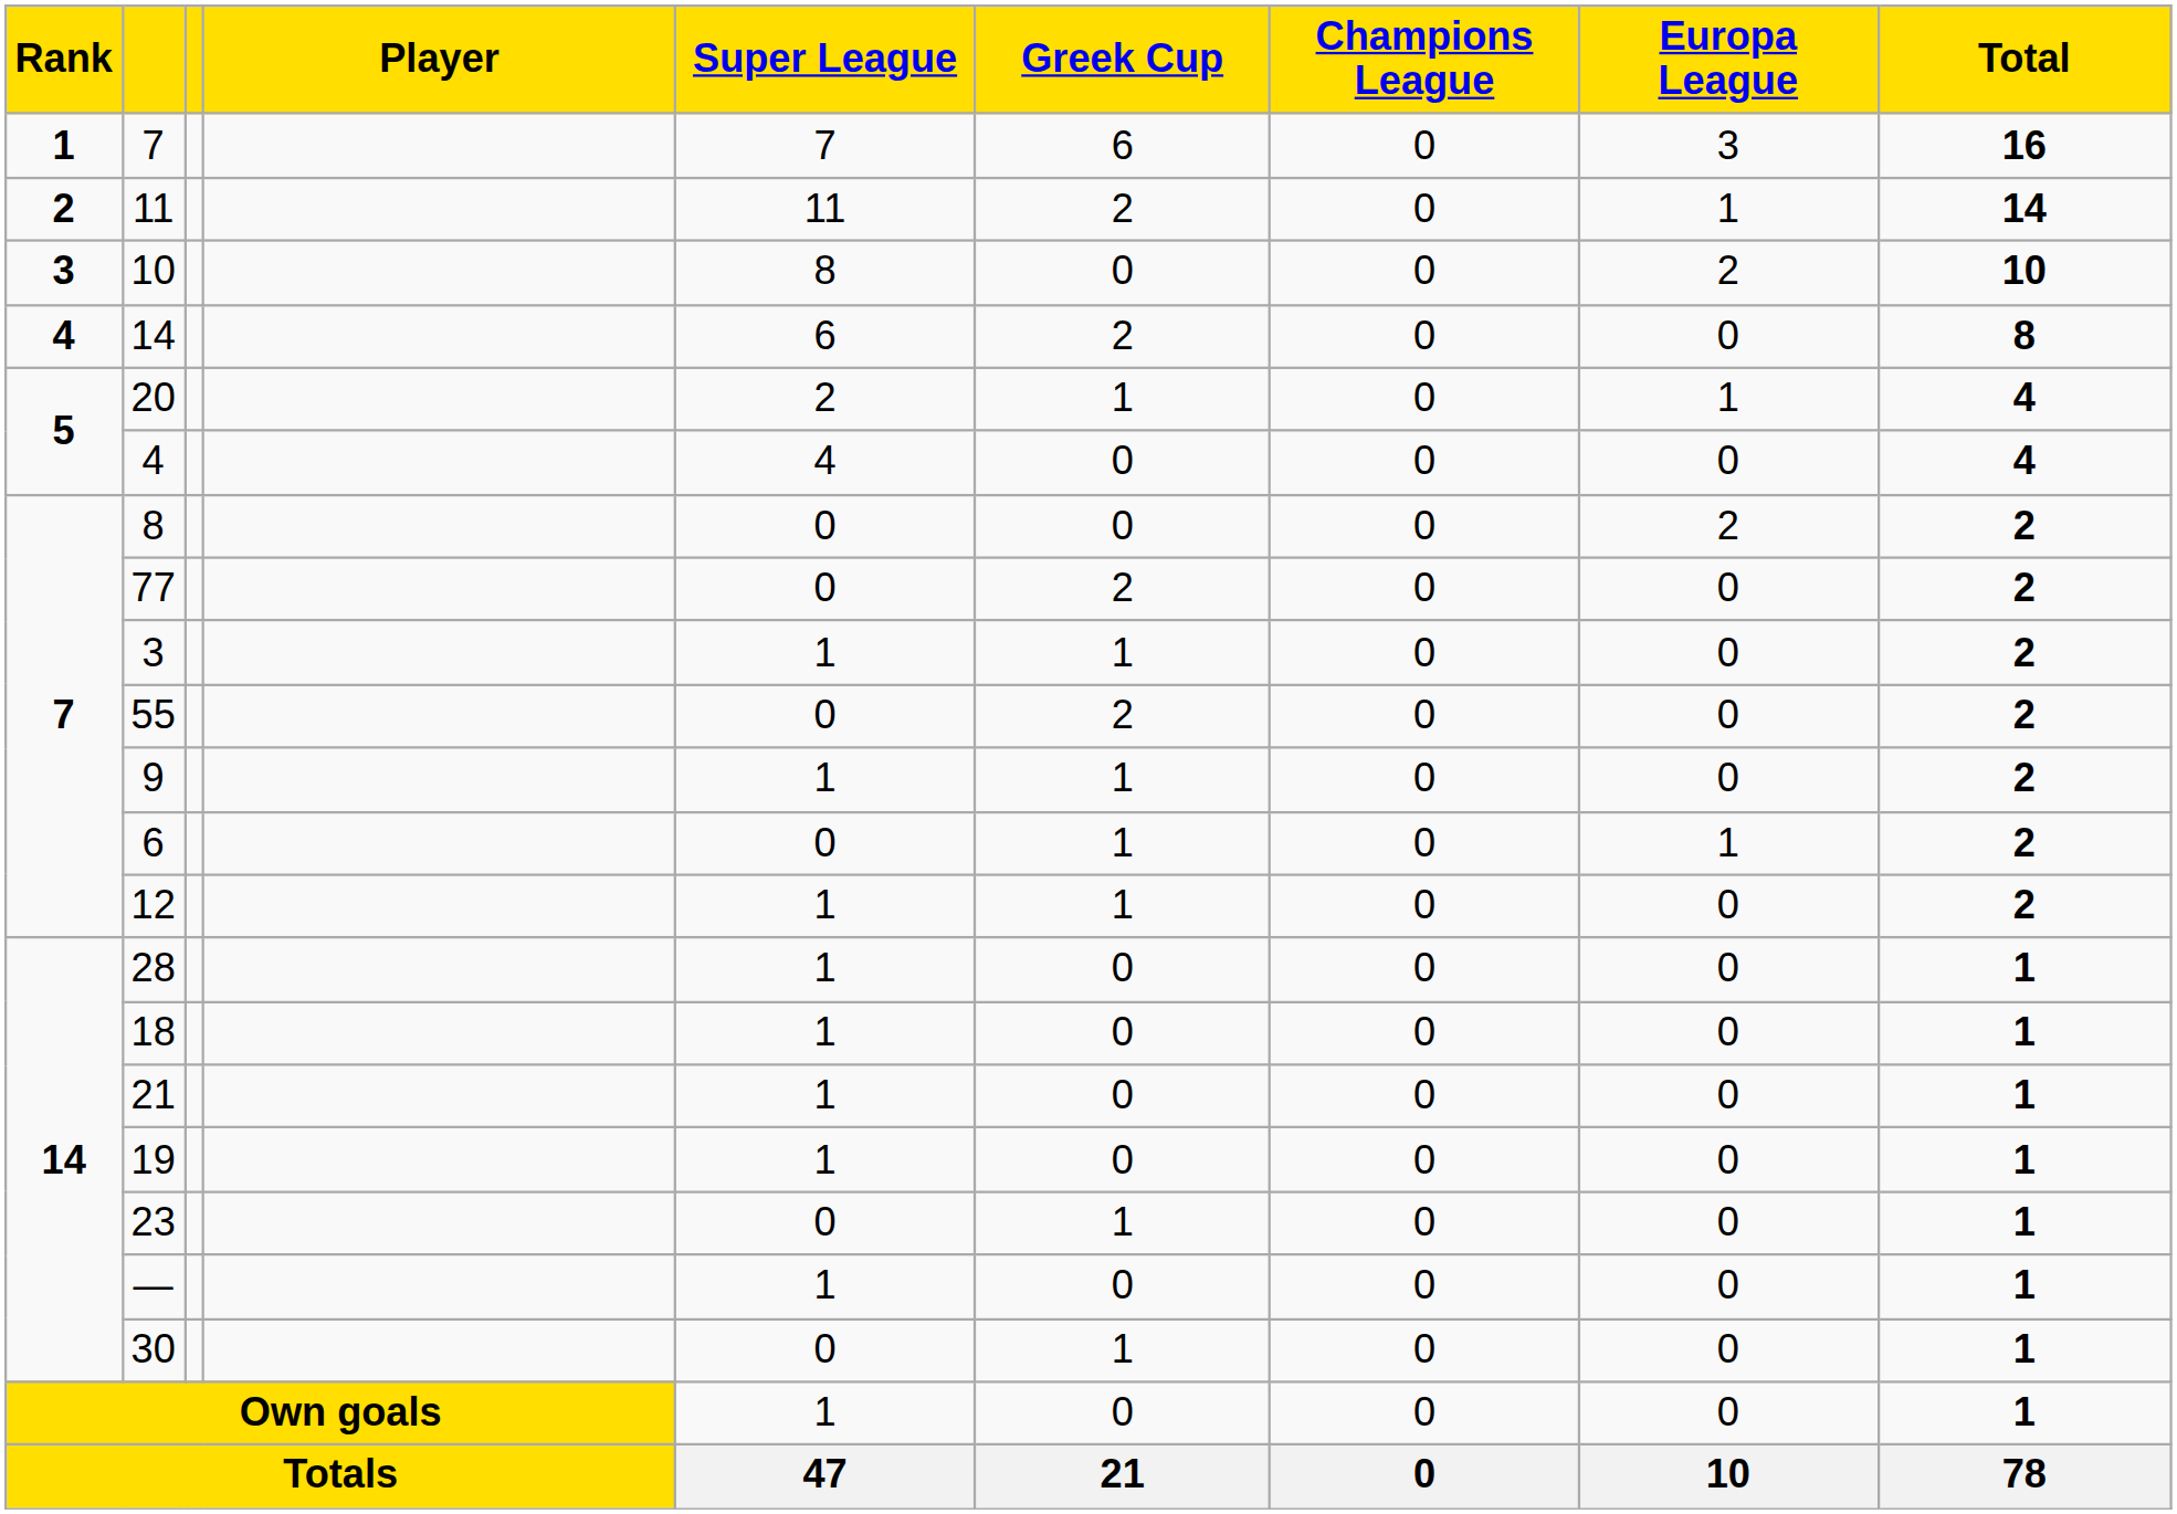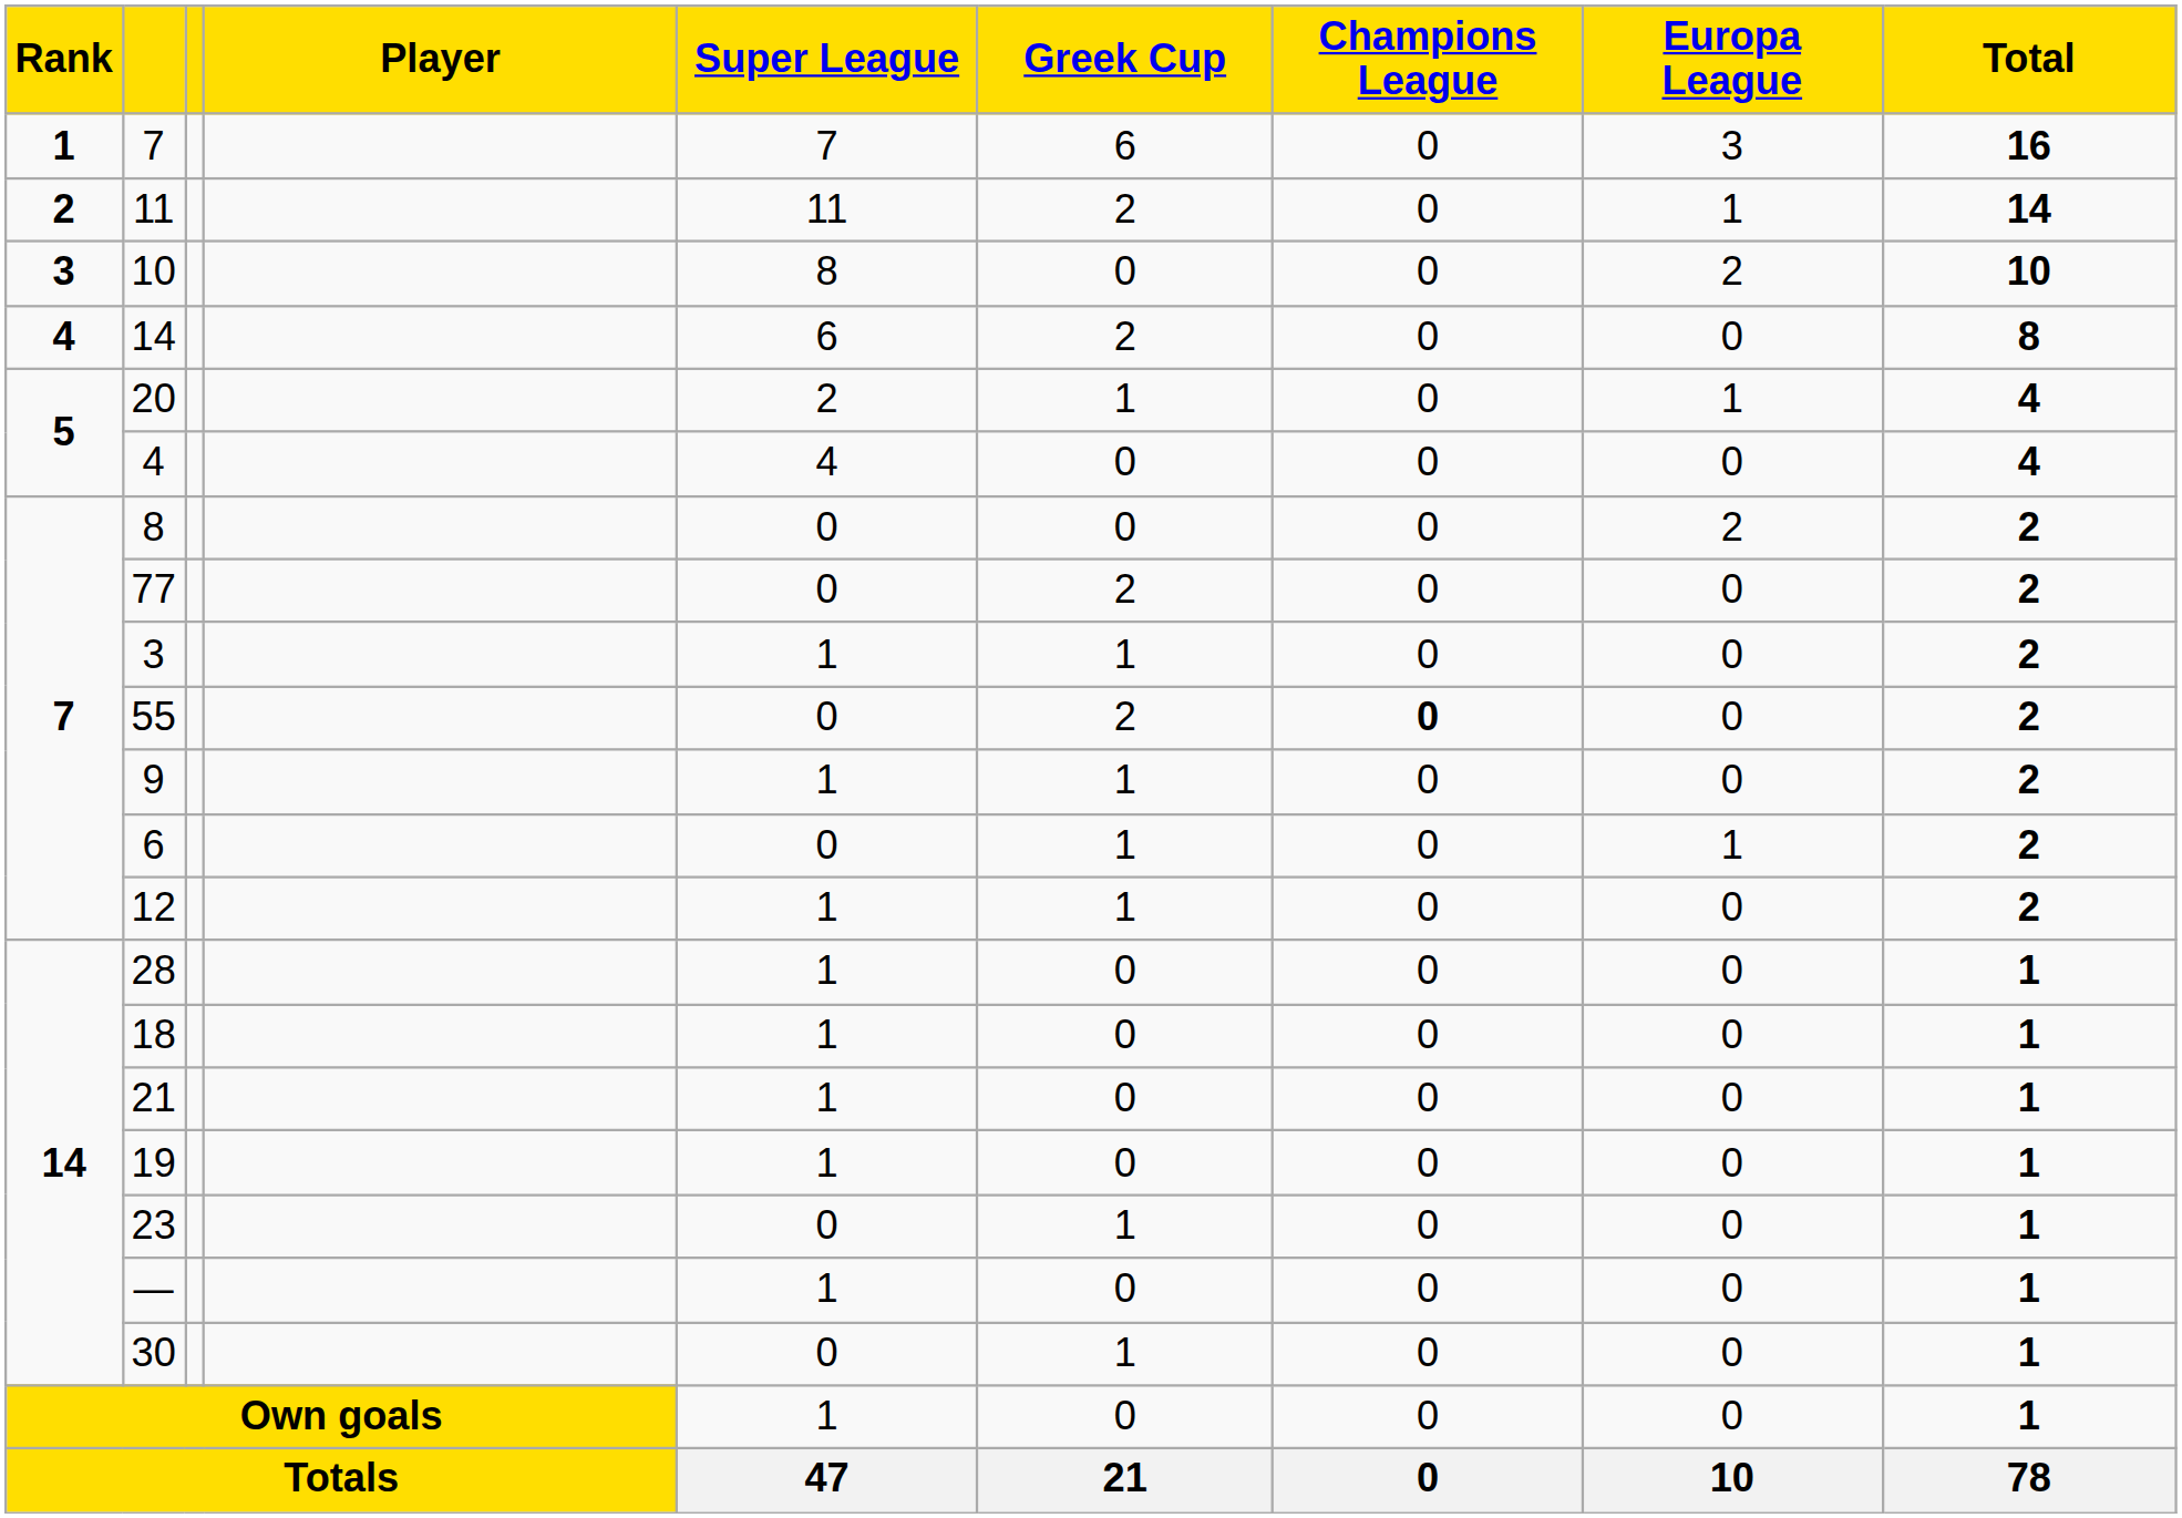 <table class="wikitable sortable" style="text-align:center">
 <tr>
 <th style="background:#FFDE00">Rank</th>
 <th style="background:#FFDE00"></th>
 <th style="background:#FFDE00"></th>
 <th width=200 style="background:#FFDE00">Player</th>
 <th width=120 style="background:#FFDE00"><a href='#'>Super League</a></th>
 <th width=120 style="background:#FFDE00"><a href='#'>Greek Cup</a></th>
 <th width=120 style="background:#FFDE00"><a href='#'>Champions League</a></th>
 <th width=120 style="background:#FFDE00"><a href='#'>Europa League</a></th>
 <th width=120 style="background:#FFDE00">Total</th>
 </tr>
 <tr>
 <td><strong>1</strong></td>
 <td>7</td>
 <td></td>
 <td align=left></td>
 <td>7</td>
 <td>6</td>
 <td>0</td>
 <td>3</td>
 <td><strong>16</strong></td>
 </tr>
 <tr>
 <td><strong>2</strong></td>
 <td>11</td>
 <td></td>
 <td align=left></td>
 <td>11</td>
 <td>2</td>
 <td>0</td>
 <td>1</td>
 <td><strong>14</strong></td>
 </tr>
 <tr>
 <td><strong>3</strong></td>
 <td>10</td>
 <td></td>
 <td align=left></td>
 <td>8</td>
 <td>0</td>
 <td>0</td>
 <td>2</td>
 <td><strong>10</strong></td>
 </tr>
 <tr>
 <td><strong>4</strong></td>
 <td>14</td>
 <td></td>
 <td align=left></td>
 <td>6</td>
 <td>2</td>
 <td>0</td>
 <td>0</td>
 <td><strong>8</strong></td>
 </tr>
 <tr>
 <td rowspan=2><strong>5</strong></td>
 <td>20</td>
 <td></td>
 <td align=left></td>
 <td>2</td>
 <td>1</td>
 <td>0</td>
 <td>1</td>
 <td><strong>4</strong></td>
 </tr>
 <tr>
 <td>4</td>
 <td></td>
 <td align=left></td>
 <td>4</td>
 <td>0</td>
 <td>0</td>
 <td>0</td>
 <td><strong>4</strong></td>
 </tr>
 <tr>
 <td rowspan=7><strong>7</strong></td>
 <td>8</td>
 <td></td>
 <td align=left></td>
 <td>0</td>
 <td>0</td>
 <td>0</td>
 <td>2</td>
 <td><strong>2</strong></td>
 </tr>
 <tr>
 <td>77</td>
 <td></td>
 <td align=left></td>
 <td>0</td>
 <td>2</td>
 <td>0</td>
 <td>0</td>
 <td><strong>2</strong></td>
 </tr>
 <tr>
 <td>3</td>
 <td></td>
 <td align=left></td>
 <td>1</td>
 <td>1</td>
 <td>0</td>
 <td>0</td>
 <td><strong>2</strong></td>
 </tr>
 <tr>
 <td>55</td>
 <td></td>
 <td align=left></td>
 <td>0</td>
 <td>2</td>
-<td>0</td>
+<td><strong>0</strong></td>
 <td>0</td>
 <td><strong>2</strong></td>
 </tr>
 <tr>
 <td>9</td>
 <td></td>
 <td align=left></td>
 <td>1</td>
 <td>1</td>
 <td>0</td>
 <td>0</td>
 <td><strong>2</strong></td>
 </tr>
 <tr>
 <td>6</td>
 <td></td>
 <td align=left></td>
 <td>0</td>
 <td>1</td>
 <td>0</td>
 <td>1</td>
 <td><strong>2</strong></td>
 </tr>
 <tr>
 <td>12</td>
 <td></td>
 <td align=left></td>
 <td>1</td>
 <td>1</td>
 <td>0</td>
 <td>0</td>
 <td><strong>2</strong></td>
 </tr>
 <tr>
 <td rowspan=7><strong>14</strong></td>
 <td>28</td>
 <td></td>
 <td align=left></td>
 <td>1</td>
 <td>0</td>
 <td>0</td>
 <td>0</td>
 <td><strong>1</strong></td>
 </tr>
 <tr>
 <td>18</td>
 <td></td>
 <td align=left></td>
 <td>1</td>
 <td>0</td>
 <td>0</td>
 <td>0</td>
 <td><strong>1</strong></td>
 </tr>
 <tr>
 <td>21</td>
 <td></td>
 <td align=left></td>
 <td>1</td>
 <td>0</td>
 <td>0</td>
 <td>0</td>
 <td><strong>1</strong></td>
 </tr>
 <tr>
 <td>19</td>
 <td></td>
 <td align=left></td>
 <td>1</td>
 <td>0</td>
 <td>0</td>
 <td>0</td>
 <td><strong>1</strong></td>
 </tr>
 <tr>
 <td>23</td>
 <td></td>
 <td align=left></td>
 <td>0</td>
 <td>1</td>
 <td>0</td>
 <td>0</td>
 <td><strong>1</strong></td>
 </tr>
 <tr>
 <td>—</td>
 <td></td>
 <td align=left></td>
 <td>1</td>
 <td>0</td>
 <td>0</td>
 <td>0</td>
 <td><strong>1</strong></td>
 </tr>
 <tr>
 <td>30</td>
 <td></td>
 <td align=left></td>
 <td>0</td>
 <td>1</td>
 <td>0</td>
 <td>0</td>
 <td><strong>1</strong></td>
 </tr>
 <tr class="sortbottom">
 <td colspan=4 style="background:#FFDE00"><strong>Own goals</strong></td>
 <td>1</td>
 <td>0</td>
 <td>0</td>
 <td>0</td>
 <td><strong>1</strong></td>
 </tr>
 <tr class="sortbottom">
 <th colspan=4 style="background:#FFDE00"><strong>Totals</strong></th>
 <th><strong>47</strong></th>
 <th><strong>21</strong></th>
 <th><strong> 0</strong></th>
 <th><strong>10</strong></th>
 <th><strong>78</strong></th>
 </tr>
 </table>
